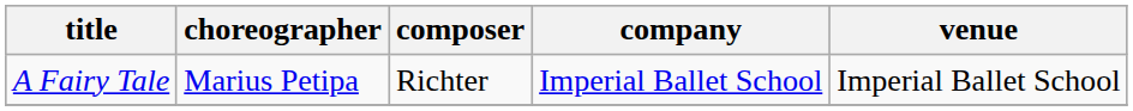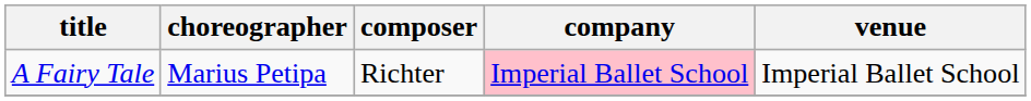 <table class="wikitable">
 <tr>
 <th>title</th>
 <th>choreographer</th>
 <th>composer</th>
 <th>company</th>
 <th>venue</th>
 </tr>
 <tr>
 <td><em><a href='#'>A Fairy Tale</a></em></td>
 <td><a href='#'>Marius Petipa</a></td>
 <td>Richter</td>
-<td><a href='#'>Imperial Ballet School</a></td>
+<td style="background: pink;"><a href='#'>Imperial Ballet School</a></td>
 <td>Imperial Ballet School</td>
 </tr>
 <tr>
 </tr>
 </table>
